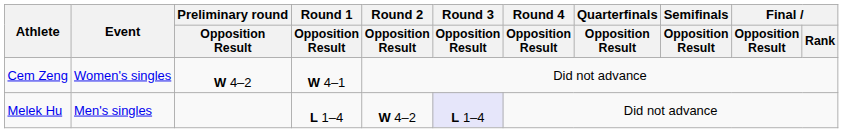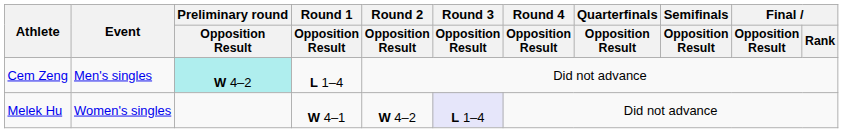 <table class="wikitable" style="font-size:90%">
 <tr>
 <th rowspan="2">Athlete</th>
 <th rowspan="2">Event</th>
 <th>Preliminary round</th>
 <th>Round 1</th>
 <th>Round 2</th>
 <th>Round 3</th>
 <th>Round 4</th>
 <th>Quarterfinals</th>
 <th>Semifinals</th>
 <th colspan=2>Final / </th>
 </tr>
 <tr style="font-size:95%">
 <th>Opposition<br>Result</th>
 <th>Opposition<br>Result</th>
 <th>Opposition<br>Result</th>
 <th>Opposition<br>Result</th>
 <th>Opposition<br>Result</th>
 <th>Opposition<br>Result</th>
 <th>Opposition<br>Result</th>
 <th>Opposition<br>Result</th>
 <th>Rank</th>
 </tr>
 <tr align=center>
 <td align=left><a href='#'>Cem Zeng</a></td>
-<td align=left><a href='#'>Women's singles</a></td>
-<td><br><strong>W</strong> 4–2</td>
-<td><br> <strong>W</strong> 4–1</td>
+<td align=left><a href='#'>Men's singles</a></td>
+<td style="background: paleturquoise;"><br><strong>W</strong> 4–2</td>
+<td><br> <strong>L</strong> 1–4</td>
 <td colspan=7>Did not advance</td>
 </tr>
 <tr align=center>
 <td align=left><a href='#'>Melek Hu</a></td>
-<td align=left><a href='#'>Men's singles</a></td>
+<td align=left><a href='#'>Women's singles</a></td>
 <td></td>
-<td><br> <strong>L</strong> 1–4</td>
+<td><br> <strong>W</strong> 4–1</td>
 <td><br> <strong>W</strong> 4–2</td>
 <td style="background: lavender;"><br> <strong>L</strong> 1–4</td>
 <td colspan=5>Did not advance</td>
 </tr>
 </table>
